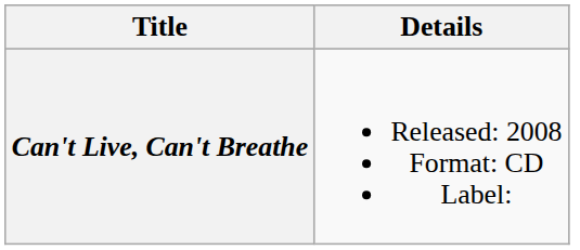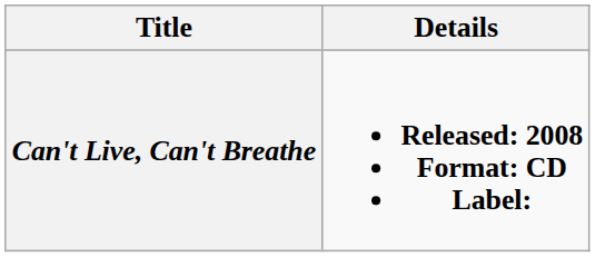 <table class="wikitable plainrowheaders" style="text-align:center;" border="1">
 <tr>
 <th>Title</th>
 <th>Details</th>
 </tr>
 <tr>
 <th scope="row"><em>Can't Live, Can't Breathe</em></th>
-<td><br><ul><li>Released: 2008</li><li>Format: CD</li><li>Label:</li></ul></td>
+<td><strong><br><ul><li>Released: 2008</li><li>Format: CD</li><li>Label:</li></ul></strong></td>
 </tr>
 </table>
